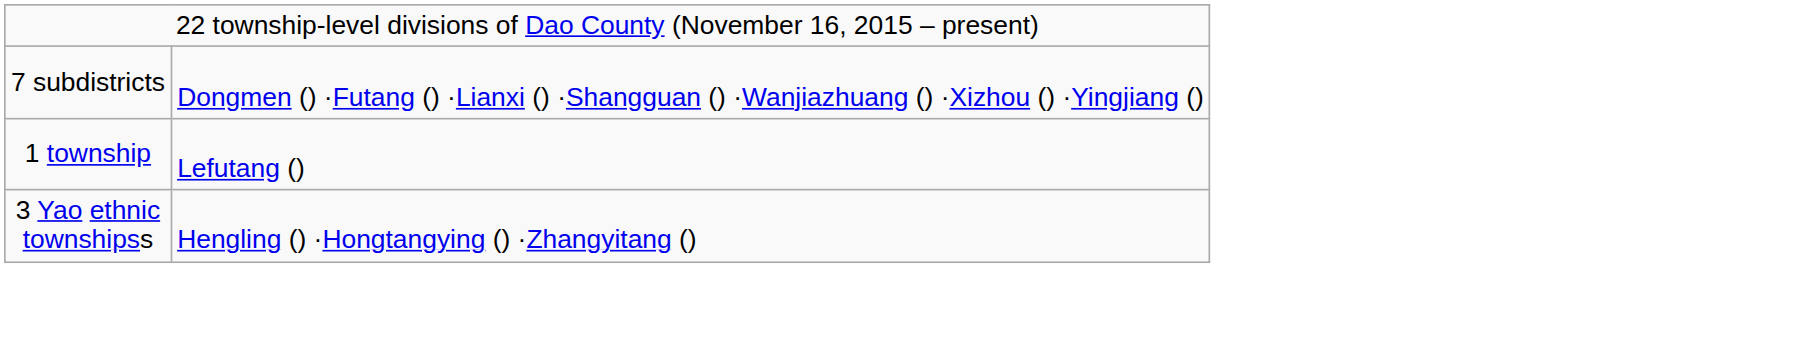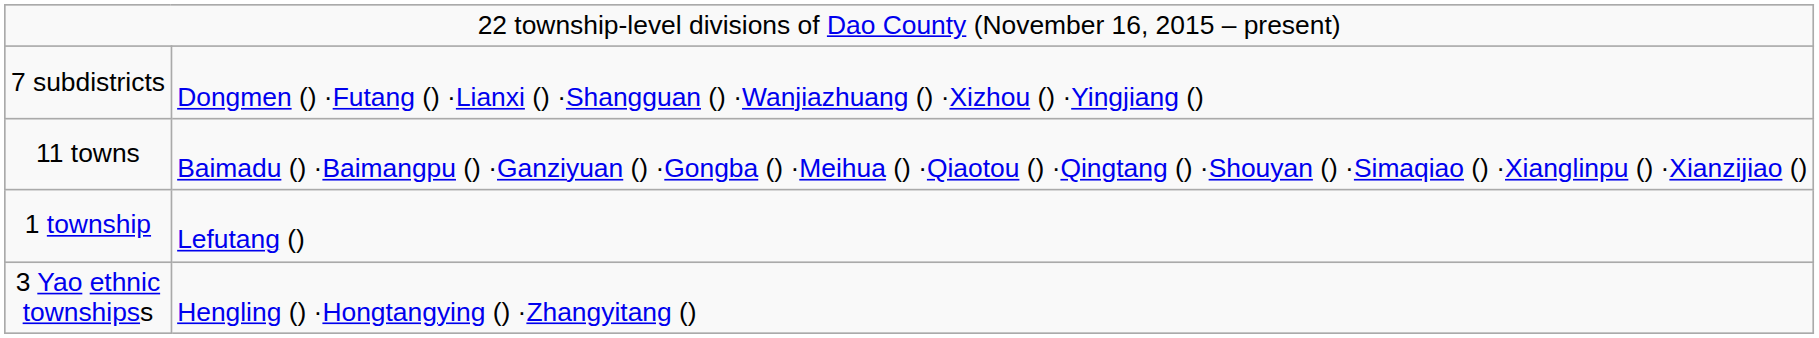 <table class="wikitable">
 <tr>
 <td style="text-align:center;" colspan="2">22 township-level divisions of <a href='#'>Dao County</a> (November 16, 2015 – present)</td>
 </tr>
 <tr align=left>
 <td align=center>7 subdistricts</td>
 <td><br><a href='#'>Dongmen</a> () ·<a href='#'>Futang</a> () ·<a href='#'>Lianxi</a> () ·<a href='#'>Shangguan</a> () ·<a href='#'>Wanjiazhuang</a> () ·<a href='#'>Xizhou</a> () ·<a href='#'>Yingjiang</a> ()</td>
+</tr>
+<tr align=left>
+<td align=center>11 towns</td>
+<td><br><a href='#'>Baimadu</a> () ·<a href='#'>Baimangpu</a> () ·<a href='#'>Ganziyuan</a> () ·<a href='#'>Gongba</a> () ·<a href='#'>Meihua</a> () ·<a href='#'>Qiaotou</a> () ·<a href='#'>Qingtang</a> () ·<a href='#'>Shouyan</a> () ·<a href='#'>Simaqiao</a> () ·<a href='#'>Xianglinpu</a> () ·<a href='#'>Xianzijiao</a> ()</td>
 </tr>
 <tr align=left>
 <td align=center>1 <a href='#'>township</a></td>
 <td><br><a href='#'>Lefutang</a> ()</td>
 </tr>
 <tr align=left>
 <td align=center>3 <a href='#'>Yao</a> <a href='#'>ethnic <br>townships</a>s</td>
 <td><br><a href='#'>Hengling</a> () ·<a href='#'>Hongtangying</a> () ·<a href='#'>Zhangyitang</a> ()</td>
 </tr>
 </table>
